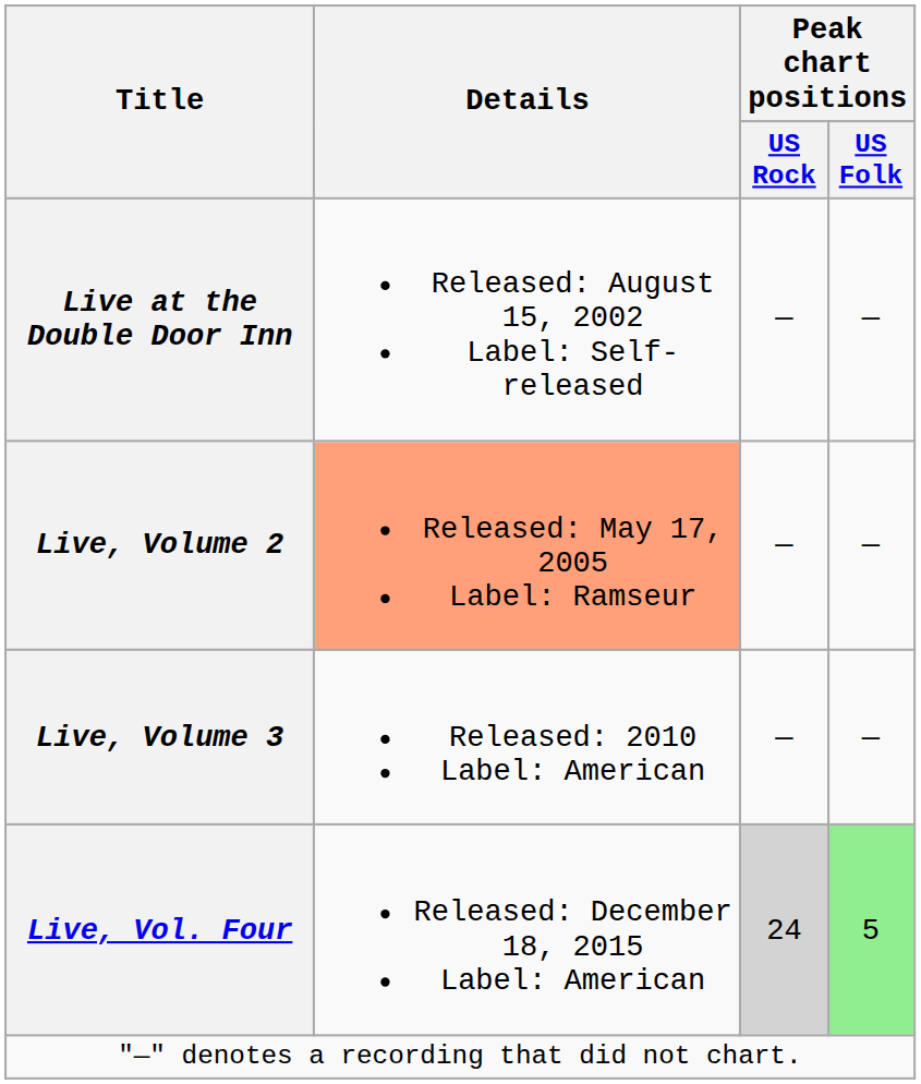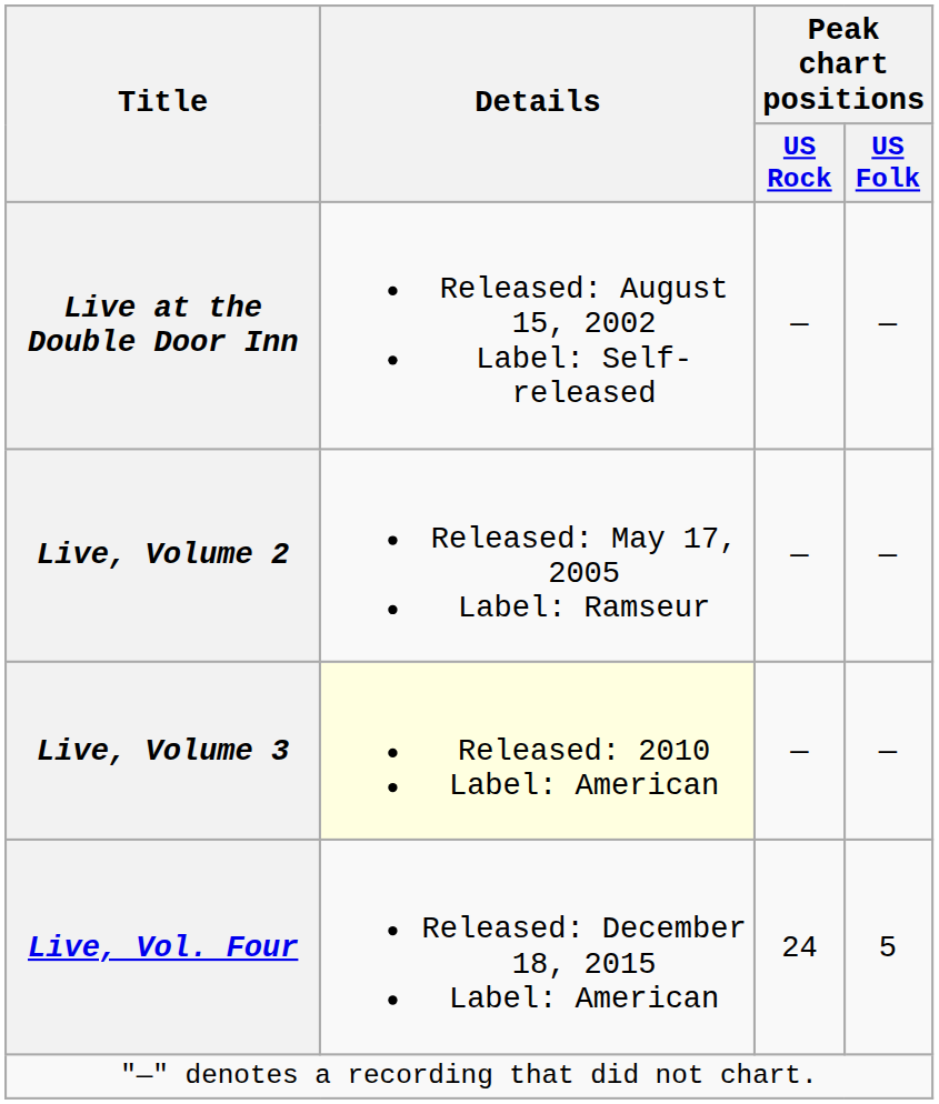 <table class="wikitable plainrowheaders" style="text-align:center;">
 <tr>
 <th rowspan="2" style="width:10em;">Title</th>
 <th rowspan="2" style="width:14em;">Details</th>
 <th colspan="2">Peak chart positions</th>
 </tr>
 <tr>
 <th style="width:2.6em; font-size:90%;"><a href='#'>US<br>Rock</a><br></th>
 <th style="width:2.6em; font-size:90%;"><a href='#'>US<br>Folk</a><br></th>
 </tr>
 <tr>
 <th scope="row"><em>Live at the Double Door Inn</em></th>
 <td><br><ul><li>Released: August 15, 2002</li><li>Label: Self-released</li></ul></td>
 <td>—</td>
 <td>—</td>
 </tr>
 <tr>
 <th scope="row"><em>Live, Volume 2</em></th>
-<td style="background: lightsalmon;"><br><ul><li>Released: May 17, 2005</li><li>Label: Ramseur</li></ul></td>
+<td><br><ul><li>Released: May 17, 2005</li><li>Label: Ramseur</li></ul></td>
 <td>—</td>
 <td>—</td>
 </tr>
 <tr>
 <th scope="row"><em>Live, Volume 3</em></th>
-<td><br><ul><li>Released: 2010</li><li>Label: American</li></ul></td>
+<td style="background: lightyellow;"><br><ul><li>Released: 2010</li><li>Label: American</li></ul></td>
 <td>—</td>
 <td>—</td>
 </tr>
 <tr>
 <th scope="row"><em><a href='#'>Live, Vol. Four</a></em></th>
 <td><br><ul><li>Released: December 18, 2015</li><li>Label: American</li></ul></td>
-<td style="background: lightgrey;">24</td>
-<td style="background: lightgreen;">5</td>
+<td>24</td>
+<td>5</td>
 </tr>
 <tr>
 <td colspan="9" style="font-size:90%">"—" denotes a recording that did not chart.</td>
 </tr>
 </table>
